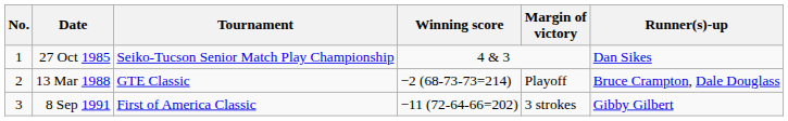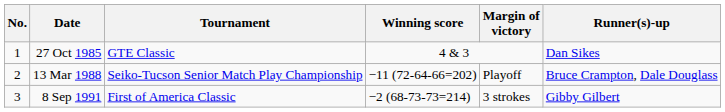 <table class="wikitable" style="font-size:95%;">
 <tr>
 <th>No.</th>
 <th>Date</th>
 <th>Tournament</th>
 <th>Winning score</th>
 <th>Margin of<br>victory</th>
 <th>Runner(s)-up</th>
 </tr>
 <tr>
 <td align=center>1</td>
 <td align=right>27 Oct <a href='#'>1985</a></td>
-<td><a href='#'>Seiko-Tucson Senior Match Play Championship</a></td>
+<td><a href='#'>GTE Classic</a></td>
 <td colspan=2 align=center>4 & 3</td>
 <td> <a href='#'>Dan Sikes</a></td>
 </tr>
 <tr>
 <td align=center>2</td>
 <td align=right>13 Mar <a href='#'>1988</a></td>
-<td><a href='#'>GTE Classic</a></td>
-<td>−2 (68-73-73=214)</td>
+<td><a href='#'>Seiko-Tucson Senior Match Play Championship</a></td>
+<td>−11 (72-64-66=202)</td>
 <td>Playoff</td>
 <td> <a href='#'>Bruce Crampton</a>,  <a href='#'>Dale Douglass</a></td>
 </tr>
 <tr>
 <td align=center>3</td>
 <td align=right>8 Sep <a href='#'>1991</a></td>
 <td><a href='#'>First of America Classic</a></td>
-<td>−11 (72-64-66=202)</td>
+<td>−2 (68-73-73=214)</td>
 <td>3 strokes</td>
 <td> <a href='#'>Gibby Gilbert</a></td>
 </tr>
 </table>
